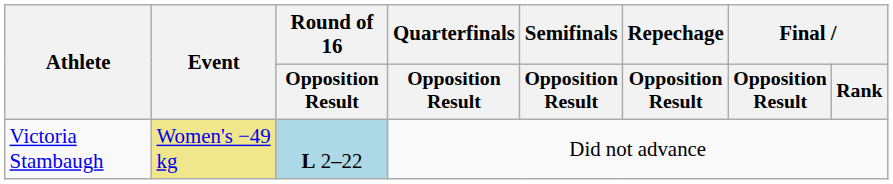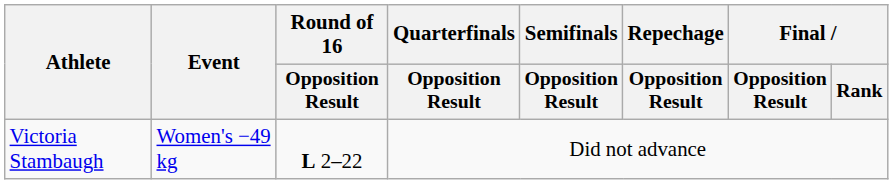 <table class="wikitable" style="font-size:90%;">
 <tr>
 <th rowspan=2>Athlete</th>
 <th rowspan=2>Event</th>
 <th>Round of 16</th>
 <th>Quarterfinals</th>
 <th>Semifinals</th>
 <th>Repechage</th>
 <th colspan=2>Final / </th>
 </tr>
 <tr style="font-size:95%">
 <th>Opposition<br>Result</th>
 <th>Opposition<br>Result</th>
 <th>Opposition<br>Result</th>
 <th>Opposition<br>Result</th>
 <th>Opposition<br>Result</th>
 <th>Rank</th>
 </tr>
 <tr align=center>
 <td align=left><a href='#'>Victoria Stambaugh</a></td>
-<td align=left style="background: khaki;"><a href='#'>Women's −49 kg</a></td>
-<td style="background: lightblue;"><br><strong>L</strong> 2–22</td>
+<td align=left><a href='#'>Women's −49 kg</a></td>
+<td><br><strong>L</strong> 2–22</td>
 <td colspan=5>Did not advance</td>
 </tr>
 </table>
